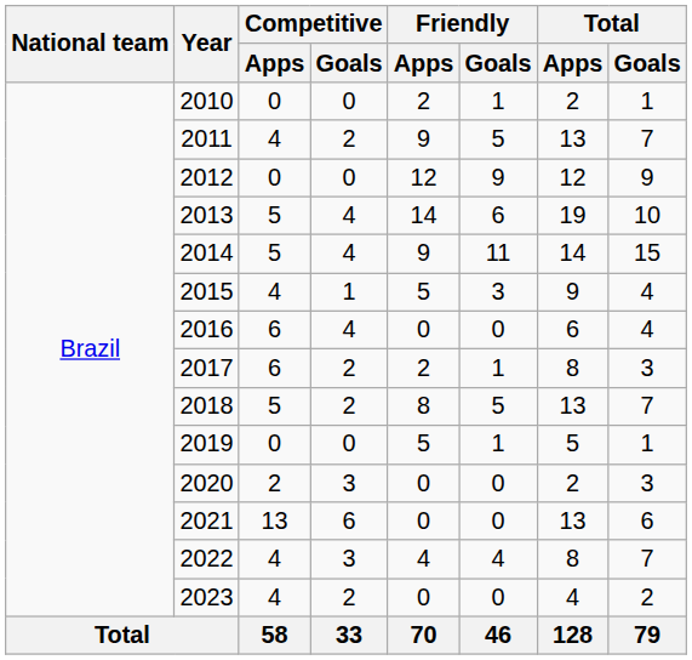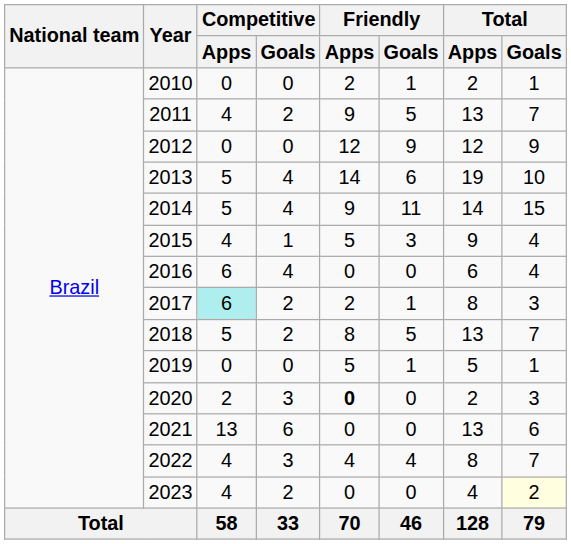 <table class="wikitable" style="text-align:center">
 <tr>
 <th rowspan="2">National team</th>
 <th rowspan="2">Year</th>
 <th colspan="2">Competitive</th>
 <th colspan="2">Friendly</th>
 <th colspan="2">Total</th>
 </tr>
 <tr>
 <th>Apps</th>
 <th>Goals</th>
 <th>Apps</th>
 <th>Goals</th>
 <th>Apps</th>
 <th>Goals</th>
 </tr>
 <tr>
 <td rowspan="14"><a href='#'>Brazil</a></td>
 <td>2010</td>
 <td>0</td>
 <td>0</td>
 <td>2</td>
 <td>1</td>
 <td>2</td>
 <td>1</td>
 </tr>
 <tr>
 <td>2011</td>
 <td>4</td>
 <td>2</td>
 <td>9</td>
 <td>5</td>
 <td>13</td>
 <td>7</td>
 </tr>
 <tr>
 <td>2012</td>
 <td>0</td>
 <td>0</td>
 <td>12</td>
 <td>9</td>
 <td>12</td>
 <td>9</td>
 </tr>
 <tr>
 <td>2013</td>
 <td>5</td>
 <td>4</td>
 <td>14</td>
 <td>6</td>
 <td>19</td>
 <td>10</td>
 </tr>
 <tr>
 <td>2014</td>
 <td>5</td>
 <td>4</td>
 <td>9</td>
 <td>11</td>
 <td>14</td>
 <td>15</td>
 </tr>
 <tr>
 <td>2015</td>
 <td>4</td>
 <td>1</td>
 <td>5</td>
 <td>3</td>
 <td>9</td>
 <td>4</td>
 </tr>
 <tr>
 <td>2016</td>
 <td>6</td>
 <td>4</td>
 <td>0</td>
 <td>0</td>
 <td>6</td>
 <td>4</td>
 </tr>
 <tr>
 <td>2017</td>
-<td>6</td>
+<td style="background: paleturquoise;">6</td>
 <td>2</td>
 <td>2</td>
 <td>1</td>
 <td>8</td>
 <td>3</td>
 </tr>
 <tr>
 <td>2018</td>
 <td>5</td>
 <td>2</td>
 <td>8</td>
 <td>5</td>
 <td>13</td>
 <td>7</td>
 </tr>
 <tr>
 <td>2019</td>
 <td>0</td>
 <td>0</td>
 <td>5</td>
 <td>1</td>
 <td>5</td>
 <td>1</td>
 </tr>
 <tr>
 <td>2020</td>
 <td>2</td>
 <td>3</td>
-<td>0</td>
+<td><strong>0</strong></td>
 <td>0</td>
 <td>2</td>
 <td>3</td>
 </tr>
 <tr>
 <td>2021</td>
 <td>13</td>
 <td>6</td>
 <td>0</td>
 <td>0</td>
 <td>13</td>
 <td>6</td>
 </tr>
 <tr>
 <td>2022</td>
 <td>4</td>
 <td>3</td>
 <td>4</td>
 <td>4</td>
 <td>8</td>
 <td>7</td>
 </tr>
 <tr>
 <td>2023</td>
 <td>4</td>
 <td>2</td>
 <td>0</td>
 <td>0</td>
 <td>4</td>
-<td>2</td>
+<td style="background: lightyellow;">2</td>
 </tr>
 <tr>
 <th colspan="2">Total</th>
 <th>58</th>
 <th>33</th>
 <th>70</th>
 <th>46</th>
 <th>128</th>
 <th>79</th>
 </tr>
 </table>
